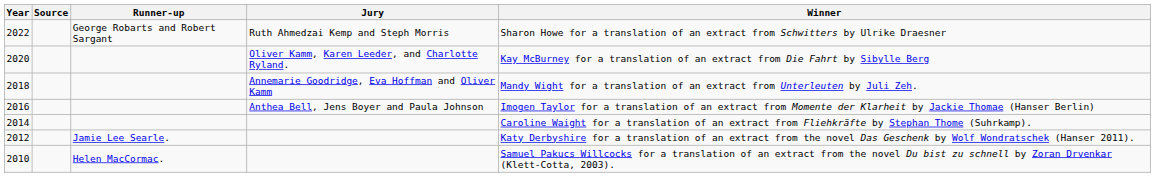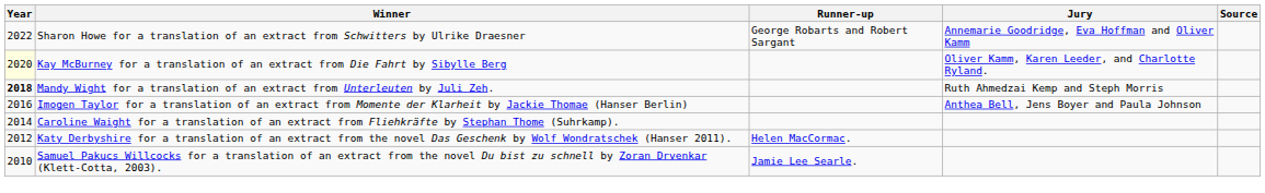 <table class="wikitable">
 <tr>
 <th>Year</th>
-<th>Source</th>
+<th>Winner</th>
 <th>Runner-up</th>
 <th>Jury</th>
-<th>Winner</th>
+<th>Source</th>
 </tr>
 <tr>
 <td>2022</td>
+<td>Sharon Howe for a translation of an extract from <em>Schwitters</em> by Ulrike Draesner</td>
+<td>George Robarts and Robert Sargant</td>
+<td><a href='#'>Annemarie Goodridge</a>, <a href='#'>Eva Hoffman</a> and <a href='#'>Oliver Kamm</a></td>
 <td></td>
-<td>George Robarts and Robert Sargant</td>
-<td>Ruth Ahmedzai Kemp and Steph Morris</td>
-<td>Sharon Howe for a translation of an extract from <em>Schwitters</em> by Ulrike Draesner</td>
 </tr>
 <tr>
-<td>2020</td>
-<td></td>
+<td style="background: lightyellow;">2020</td>
+<td><a href='#'>Kay McBurney</a> for a translation of an extract from <em>Die Fahrt</em> by <a href='#'>Sibylle Berg</a></td>
 <td></td>
 <td><a href='#'>Oliver Kamm</a>, <a href='#'>Karen Leeder</a>, and <a href='#'>Charlotte Ryland</a>.</td>
-<td><a href='#'>Kay McBurney</a> for a translation of an extract from <em>Die Fahrt</em> by <a href='#'>Sibylle Berg</a></td>
+<td></td>
 </tr>
 <tr>
-<td>2018</td>
+<td><strong>2018</strong></td>
+<td><a href='#'>Mandy Wight</a> for a translation of an extract from <em><a href='#'>Unterleuten</a></em> by <a href='#'>Juli Zeh</a>.</td>
 <td></td>
+<td>Ruth Ahmedzai Kemp and Steph Morris</td>
 <td></td>
-<td><a href='#'>Annemarie Goodridge</a>, <a href='#'>Eva Hoffman</a> and <a href='#'>Oliver Kamm</a></td>
-<td><a href='#'>Mandy Wight</a> for a translation of an extract from <em><a href='#'>Unterleuten</a></em> by <a href='#'>Juli Zeh</a>.</td>
 </tr>
 <tr>
 <td>2016</td>
-<td></td>
+<td><a href='#'>Imogen Taylor</a> for a translation of an extract from <em>Momente der Klarheit</em> by <a href='#'>Jackie Thomae</a> (Hanser Berlin)</td>
 <td></td>
 <td><a href='#'>Anthea Bell</a>, Jens Boyer and Paula Johnson</td>
-<td><a href='#'>Imogen Taylor</a> for a translation of an extract from <em>Momente der Klarheit</em> by <a href='#'>Jackie Thomae</a> (Hanser Berlin)</td>
+<td></td>
 </tr>
 <tr>
 <td>2014</td>
+<td><a href='#'>Caroline Waight</a> for a translation of an extract from <em>Fliehkräfte</em> by <a href='#'>Stephan Thome</a> (Suhrkamp).</td>
 <td></td>
 <td></td>
 <td></td>
-<td><a href='#'>Caroline Waight</a> for a translation of an extract from <em>Fliehkräfte</em> by <a href='#'>Stephan Thome</a> (Suhrkamp).</td>
 </tr>
 <tr>
 <td>2012</td>
+<td><a href='#'>Katy Derbyshire</a> for a translation of an extract from the novel <em>Das Geschenk</em> by <a href='#'>Wolf Wondratschek</a> (Hanser 2011).</td>
+<td><a href='#'>Helen MacCormac</a>.</td>
 <td></td>
-<td><a href='#'>Jamie Lee Searle</a>.</td>
 <td></td>
-<td><a href='#'>Katy Derbyshire</a> for a translation of an extract from the novel <em>Das Geschenk</em> by <a href='#'>Wolf Wondratschek</a> (Hanser 2011).</td>
 </tr>
 <tr>
 <td>2010</td>
+<td><a href='#'>Samuel Pakucs Willcocks</a> for a translation of an extract from the novel <em>Du bist zu schnell</em> by <a href='#'>Zoran Drvenkar</a> (Klett-Cotta, 2003).</td>
+<td><a href='#'>Jamie Lee Searle</a>.</td>
 <td></td>
-<td><a href='#'>Helen MacCormac</a>.</td>
 <td></td>
-<td><a href='#'>Samuel Pakucs Willcocks</a> for a translation of an extract from the novel <em>Du bist zu schnell</em> by <a href='#'>Zoran Drvenkar</a> (Klett-Cotta, 2003).</td>
 </tr>
 </table>
